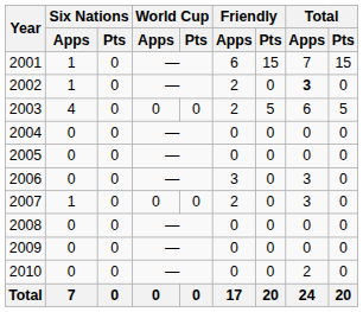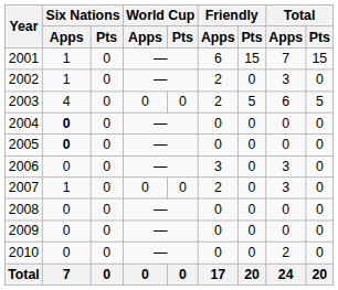 <table class="wikitable" style="text-align:center">
 <tr>
 <th rowspan="2">Year</th>
 <th colspan="2">Six Nations</th>
 <th colspan="2">World Cup</th>
 <th colspan="2">Friendly</th>
 <th colspan="2">Total</th>
 </tr>
 <tr>
 <th>Apps</th>
 <th>Pts</th>
 <th>Apps</th>
 <th>Pts</th>
 <th>Apps</th>
 <th>Pts</th>
 <th>Apps</th>
 <th>Pts</th>
 </tr>
 <tr>
 <td>2001</td>
 <td>1</td>
 <td>0</td>
 <td colspan="2">—</td>
 <td>6</td>
 <td>15</td>
 <td>7</td>
 <td>15</td>
 </tr>
 <tr>
 <td>2002</td>
 <td>1</td>
 <td>0</td>
 <td colspan="2">—</td>
 <td>2</td>
 <td>0</td>
-<td><strong>3</strong></td>
+<td>3</td>
 <td>0</td>
 </tr>
 <tr>
 <td>2003</td>
 <td>4</td>
 <td>0</td>
 <td>0</td>
 <td>0</td>
 <td>2</td>
 <td>5</td>
 <td>6</td>
 <td>5</td>
 </tr>
 <tr>
 <td>2004</td>
-<td>0</td>
+<td><strong>0</strong></td>
 <td>0</td>
 <td colspan="2">—</td>
 <td>0</td>
 <td>0</td>
 <td>0</td>
 <td>0</td>
 </tr>
 <tr>
 <td>2005</td>
-<td>0</td>
+<td><strong>0</strong></td>
 <td>0</td>
 <td colspan="2">—</td>
 <td>0</td>
 <td>0</td>
 <td>0</td>
 <td>0</td>
 </tr>
 <tr>
 <td>2006</td>
 <td>0</td>
 <td>0</td>
 <td colspan="2">—</td>
 <td>3</td>
 <td>0</td>
 <td>3</td>
 <td>0</td>
 </tr>
 <tr>
 <td>2007</td>
 <td>1</td>
 <td>0</td>
 <td>0</td>
 <td>0</td>
 <td>2</td>
 <td>0</td>
 <td>3</td>
 <td>0</td>
 </tr>
 <tr>
 <td>2008</td>
 <td>0</td>
 <td>0</td>
 <td colspan="2">—</td>
 <td>0</td>
 <td>0</td>
 <td>0</td>
 <td>0</td>
 </tr>
 <tr>
 <td>2009</td>
 <td>0</td>
 <td>0</td>
 <td colspan="2">—</td>
 <td>0</td>
 <td>0</td>
 <td>0</td>
 <td>0</td>
 </tr>
 <tr>
 <td>2010</td>
 <td>0</td>
 <td>0</td>
 <td colspan="2">—</td>
 <td>0</td>
 <td>0</td>
 <td>2</td>
 <td>0</td>
 </tr>
 <tr>
 <th>Total</th>
 <th>7</th>
 <th>0</th>
 <th>0</th>
 <th>0</th>
 <th>17</th>
 <th>20</th>
 <th>24</th>
 <th>20</th>
 </tr>
 </table>
